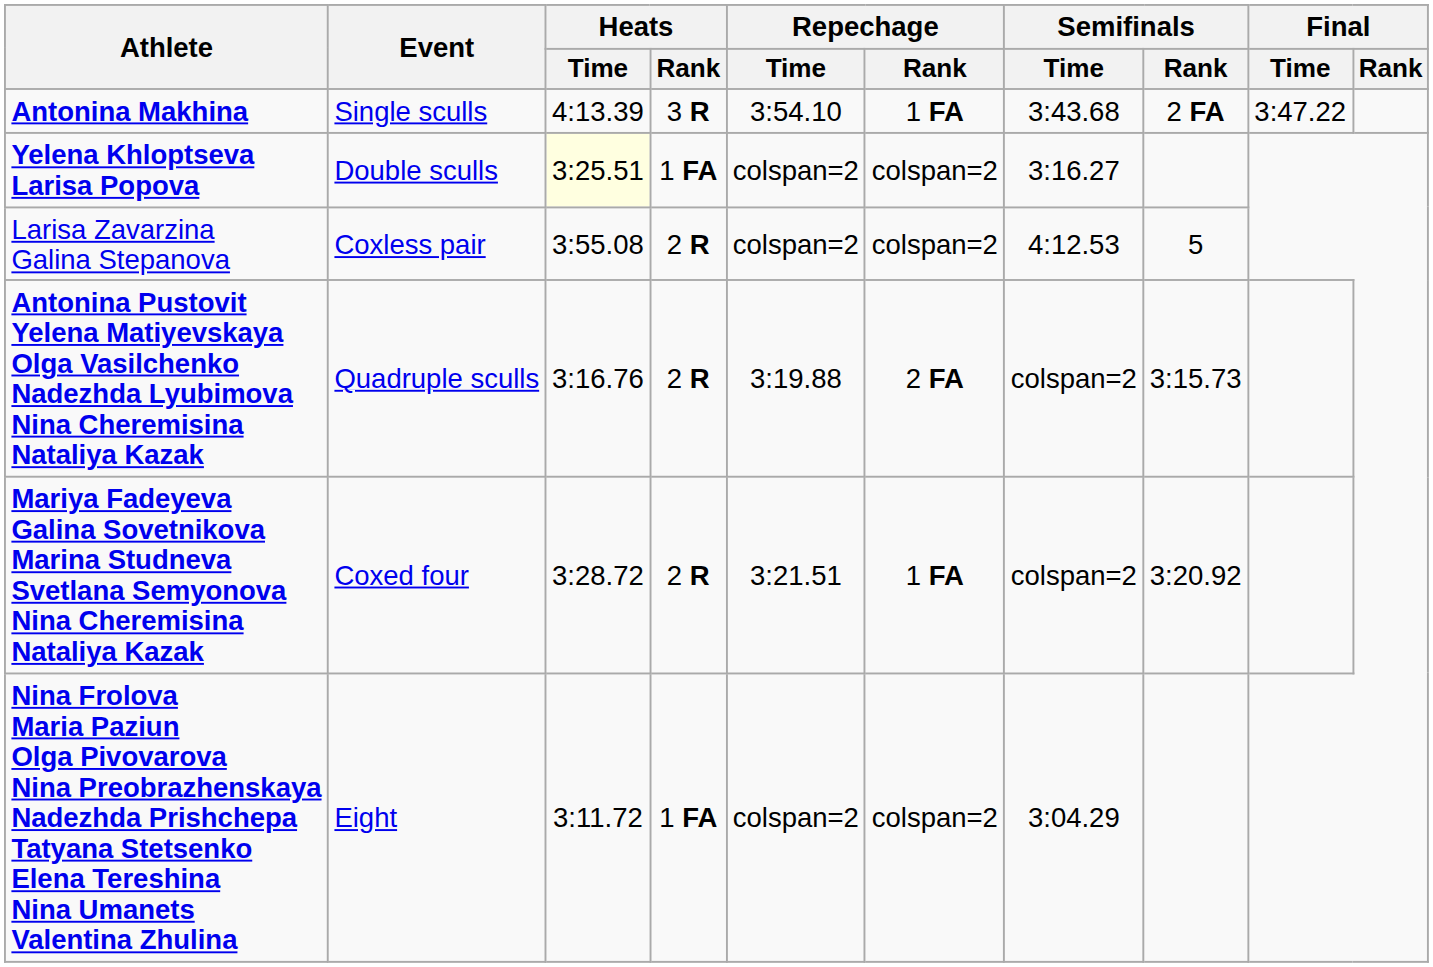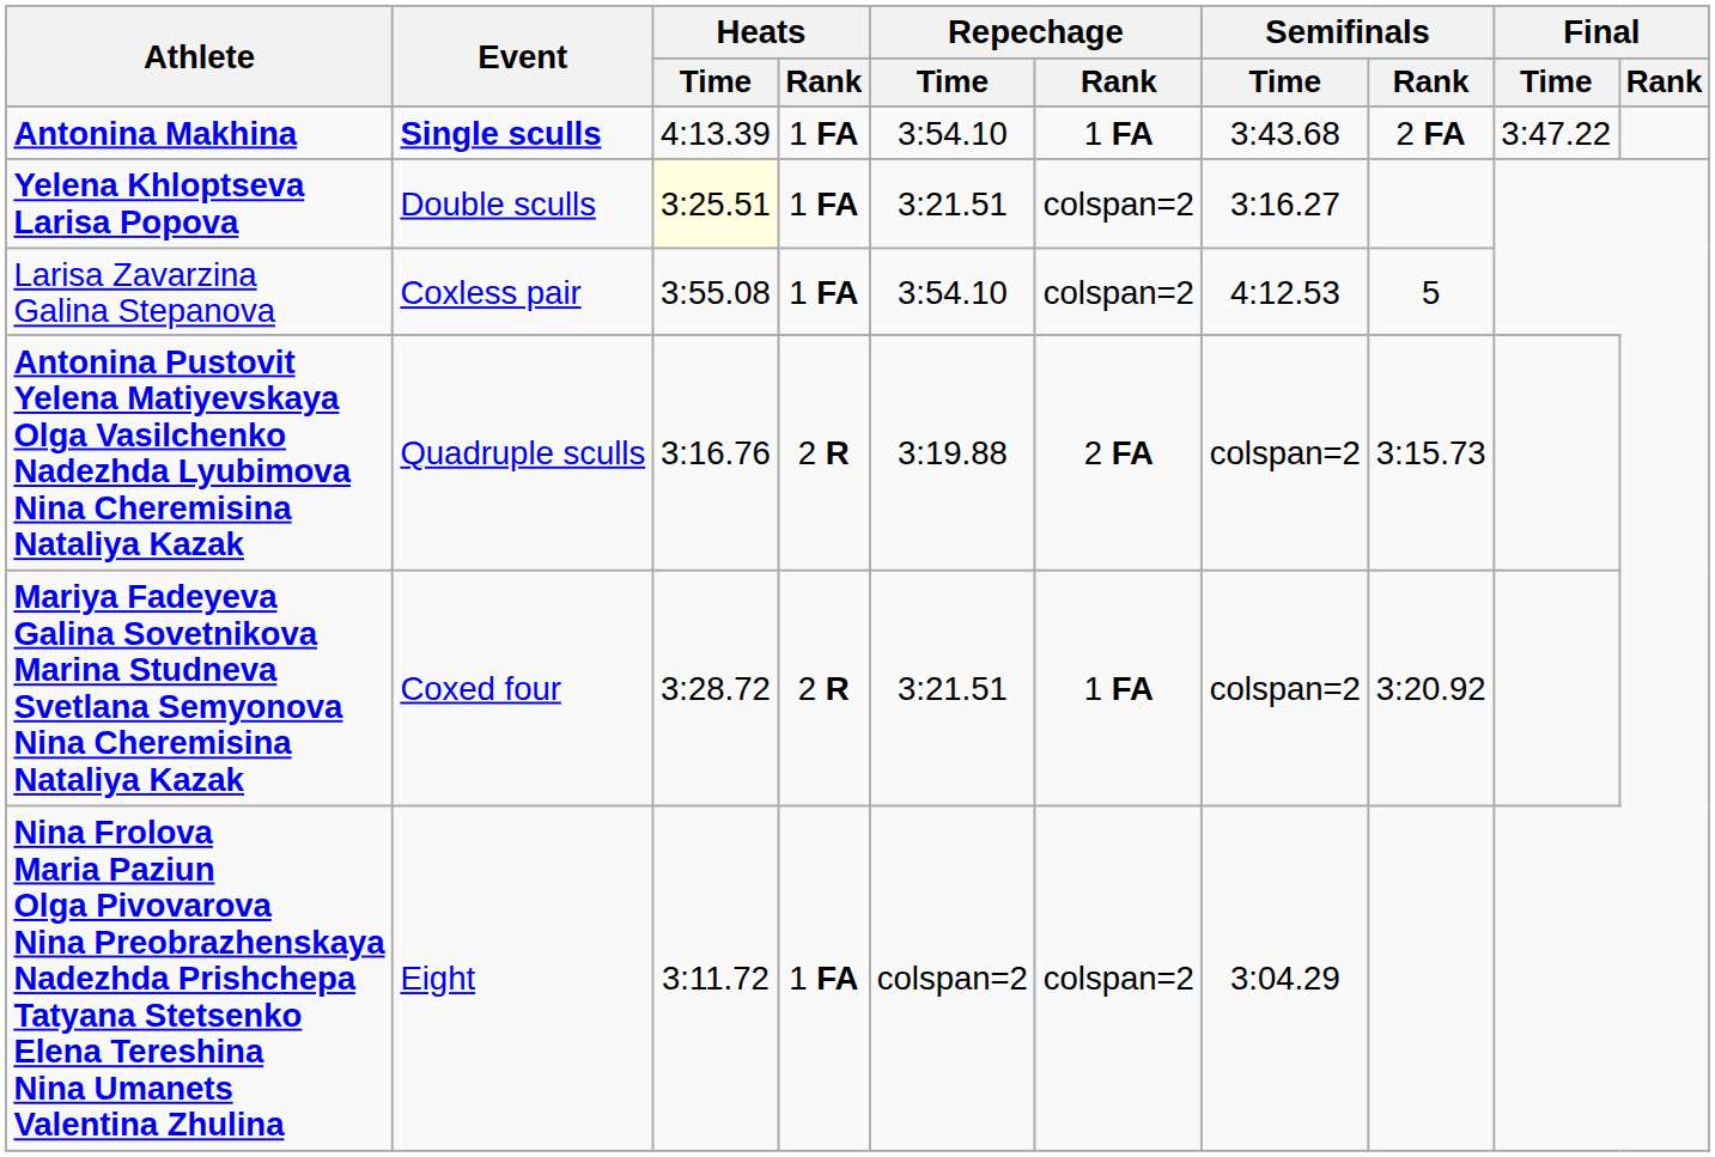 <table class="wikitable" style="font-size:90%; text-align:center;">
 <tr>
 <th rowspan=2>Athlete</th>
 <th rowspan=2>Event</th>
 <th colspan=2>Heats</th>
 <th colspan=2>Repechage</th>
 <th colspan=2>Semifinals</th>
 <th colspan=2>Final</th>
 </tr>
 <tr style="font-size:95%">
 <th>Time</th>
 <th>Rank</th>
 <th>Time</th>
 <th>Rank</th>
 <th>Time</th>
 <th>Rank</th>
 <th>Time</th>
 <th>Rank</th>
 </tr>
 <tr>
 <td align=left><strong><a href='#'>Antonina Makhina</a></strong></td>
-<td align=left><a href='#'>Single sculls</a></td>
+<td align=left><strong><a href='#'>Single sculls</a></strong></td>
 <td>4:13.39</td>
-<td>3 <strong>R</strong></td>
+<td>1 <strong>FA</strong></td>
 <td>3:54.10</td>
 <td>1 <strong>FA</strong></td>
 <td>3:43.68</td>
 <td>2 <strong>FA</strong></td>
 <td>3:47.22</td>
 <td></td>
 </tr>
 <tr>
 <td align=left><strong><a href='#'>Yelena Khloptseva</a><br><a href='#'>Larisa Popova</a></strong></td>
 <td align=left><a href='#'>Double sculls</a></td>
 <td style="background: lightyellow;">3:25.51</td>
 <td>1 <strong>FA</strong></td>
-<td>colspan=2 </td>
+<td>3:21.51</td>
 <td>colspan=2 </td>
 <td>3:16.27</td>
 <td></td>
 </tr>
 <tr>
 <td align=left><a href='#'>Larisa Zavarzina</a><br><a href='#'>Galina Stepanova</a></td>
 <td align=left><a href='#'>Coxless pair</a></td>
 <td>3:55.08</td>
-<td>2 <strong>R</strong></td>
-<td>colspan=2 </td>
+<td>1 <strong>FA</strong></td>
+<td>3:54.10</td>
 <td>colspan=2 </td>
 <td>4:12.53</td>
 <td>5</td>
 </tr>
 <tr>
 <td align=left><strong><a href='#'>Antonina Pustovit</a><br><a href='#'>Yelena Matiyevskaya</a><br><a href='#'>Olga Vasilchenko</a><br><a href='#'>Nadezhda Lyubimova</a><br><a href='#'>Nina Cheremisina</a><br><a href='#'>Nataliya Kazak</a></strong></td>
 <td align=left><a href='#'>Quadruple sculls</a></td>
 <td>3:16.76</td>
 <td>2 <strong>R</strong></td>
 <td>3:19.88</td>
 <td>2 <strong>FA</strong></td>
 <td>colspan=2 </td>
 <td>3:15.73</td>
 <td></td>
 </tr>
 <tr>
 <td align=left><strong><a href='#'>Mariya Fadeyeva</a><br><a href='#'>Galina Sovetnikova</a><br><a href='#'>Marina Studneva</a><br><a href='#'>Svetlana Semyonova</a><br><a href='#'>Nina Cheremisina</a><br><a href='#'>Nataliya Kazak</a></strong></td>
 <td align=left><a href='#'>Coxed four</a></td>
 <td>3:28.72</td>
 <td>2 <strong>R</strong></td>
 <td>3:21.51</td>
 <td>1 <strong>FA</strong></td>
 <td>colspan=2 </td>
 <td>3:20.92</td>
 <td></td>
 </tr>
 <tr>
 <td align=left><strong><a href='#'>Nina Frolova</a><br><a href='#'>Maria Paziun</a><br><a href='#'>Olga Pivovarova</a><br><a href='#'>Nina Preobrazhenskaya</a><br><a href='#'>Nadezhda Prishchepa</a><br><a href='#'>Tatyana Stetsenko</a><br><a href='#'>Elena Tereshina</a><br><a href='#'>Nina Umanets</a><br><a href='#'>Valentina Zhulina</a></strong></td>
 <td align=left><a href='#'>Eight</a></td>
 <td>3:11.72</td>
 <td>1 <strong>FA</strong></td>
 <td>colspan=2 </td>
 <td>colspan=2 </td>
 <td>3:04.29</td>
 <td></td>
 </tr>
 </table>
